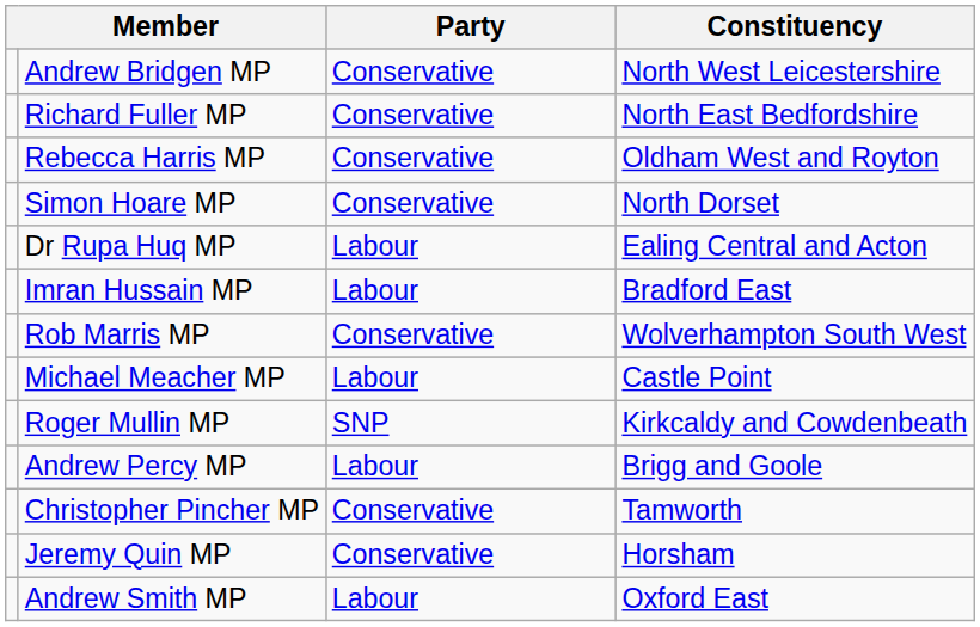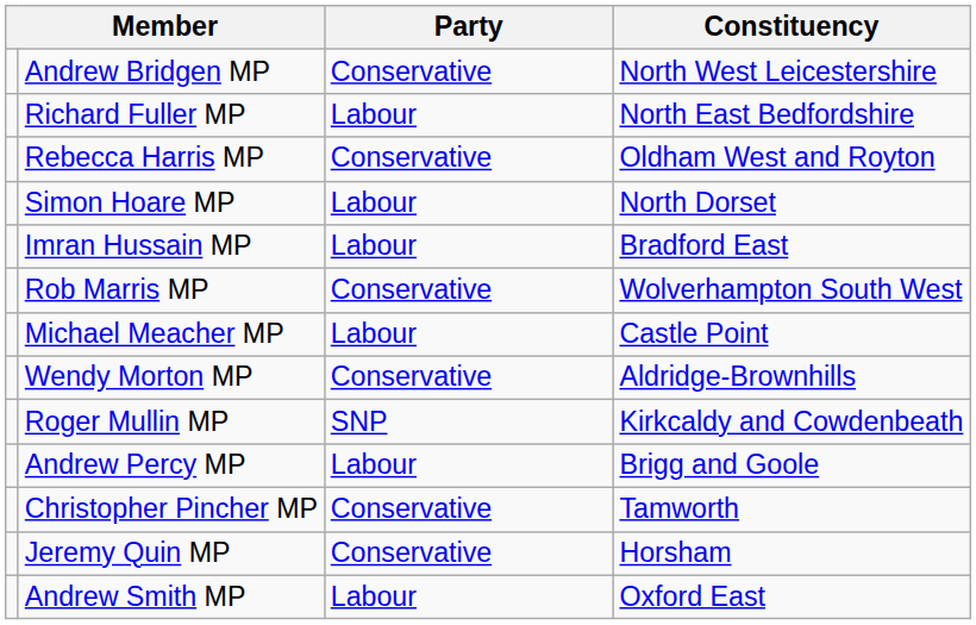 <table class="wikitable">
 <tr>
 <th width="160px" colspan="2" valign="top">Member</th>
 <th width="160px" valign="top">Party</th>
 <th valign="top">Constituency</th>
 </tr>
 <tr>
 <td style="color:inherit;background:"></td>
 <td><a href='#'>Andrew Bridgen</a> MP</td>
 <td><a href='#'>Conservative</a></td>
 <td><a href='#'>North West Leicestershire</a></td>
 </tr>
 <tr>
 <td style="color:inherit;background:"></td>
 <td><a href='#'>Richard Fuller</a> MP</td>
-<td><a href='#'>Conservative</a></td>
+<td><a href='#'>Labour</a></td>
 <td><a href='#'>North East Bedfordshire</a></td>
 </tr>
 <tr>
 <td style="color:inherit;background:"></td>
 <td><a href='#'>Rebecca Harris</a> MP</td>
 <td><a href='#'>Conservative</a></td>
 <td><a href='#'>Oldham West and Royton</a></td>
 </tr>
 <tr>
 <td style="color:inherit;background:"></td>
 <td><a href='#'>Simon Hoare</a> MP</td>
-<td><a href='#'>Conservative</a></td>
+<td><a href='#'>Labour</a></td>
 <td><a href='#'>North Dorset</a></td>
-</tr>
-<tr>
-<td style="color:inherit;background:"></td>
-<td>Dr <a href='#'>Rupa Huq</a> MP</td>
-<td><a href='#'>Labour</a></td>
-<td><a href='#'>Ealing Central and Acton</a></td>
 </tr>
 <tr>
 <td style="color:inherit;background:"></td>
 <td><a href='#'>Imran Hussain</a> MP</td>
 <td><a href='#'>Labour</a></td>
 <td><a href='#'>Bradford East</a></td>
 </tr>
 <tr>
 <td style="color:inherit;background:"></td>
 <td><a href='#'>Rob Marris</a> MP</td>
 <td><a href='#'>Conservative</a></td>
 <td><a href='#'>Wolverhampton South West</a></td>
 </tr>
 <tr>
 <td style="color:inherit;background:"></td>
 <td><a href='#'>Michael Meacher</a> MP</td>
 <td><a href='#'>Labour</a></td>
 <td><a href='#'>Castle Point</a></td>
+</tr>
+<tr>
+<td style="color:inherit;background:"></td>
+<td><a href='#'>Wendy Morton</a> MP</td>
+<td><a href='#'>Conservative</a></td>
+<td><a href='#'>Aldridge-Brownhills</a></td>
 </tr>
 <tr>
 <td style="color:inherit;background:"></td>
 <td><a href='#'>Roger Mullin</a> MP</td>
 <td><a href='#'>SNP</a></td>
 <td><a href='#'>Kirkcaldy and Cowdenbeath</a></td>
 </tr>
 <tr>
 <td style="color:inherit;background:"></td>
 <td><a href='#'>Andrew Percy</a> MP</td>
 <td><a href='#'>Labour</a></td>
 <td><a href='#'>Brigg and Goole</a></td>
 </tr>
 <tr>
 <td style="color:inherit;background:"></td>
 <td><a href='#'>Christopher Pincher</a> MP</td>
 <td><a href='#'>Conservative</a></td>
 <td><a href='#'>Tamworth</a></td>
 </tr>
 <tr>
 <td style="color:inherit;background:"></td>
 <td><a href='#'>Jeremy Quin</a> MP</td>
 <td><a href='#'>Conservative</a></td>
 <td><a href='#'>Horsham</a></td>
 </tr>
 <tr>
 <td style="color:inherit;background:"></td>
 <td><a href='#'>Andrew Smith</a> MP</td>
 <td><a href='#'>Labour</a></td>
 <td><a href='#'>Oxford East</a></td>
 </tr>
 </table>
